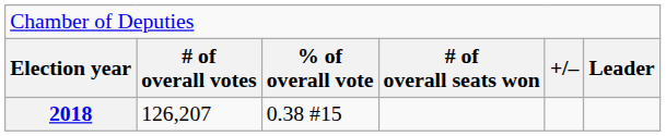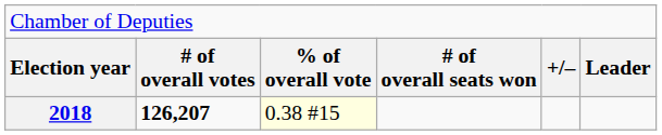 <table class=wikitable>
 <tr>
 <td colspan=6><a href='#'>Chamber of Deputies</a></td>
 </tr>
 <tr>
 <th>Election year</th>
 <th># of<br>overall votes</th>
 <th>% of<br>overall vote</th>
 <th># of<br>overall seats won</th>
 <th>+/–</th>
 <th>Leader</th>
 </tr>
 <tr>
 <th><a href='#'>2018</a></th>
-<td>126,207</td>
-<td>0.38 #15</td>
+<td><strong>126,207</strong></td>
+<td style="background: lightyellow;">0.38 #15</td>
 <td></td>
 <td></td>
 <td></td>
 </tr>
 </table>
